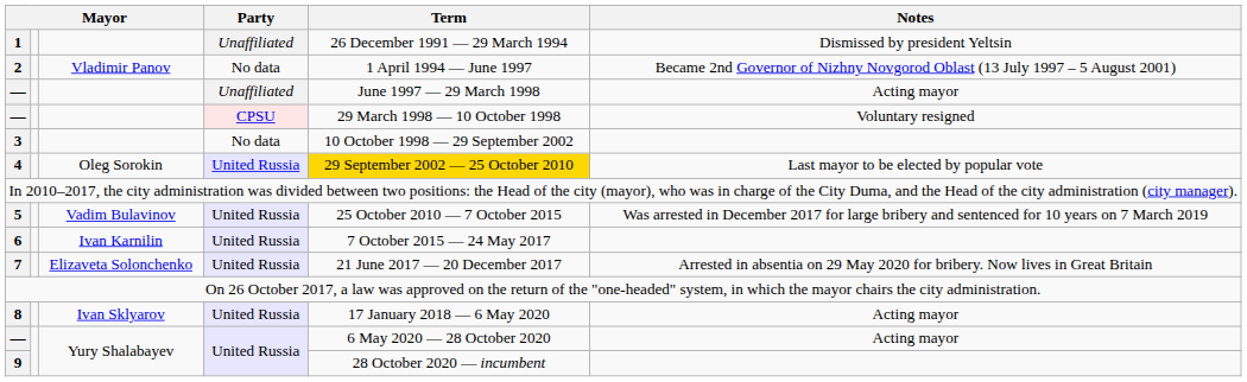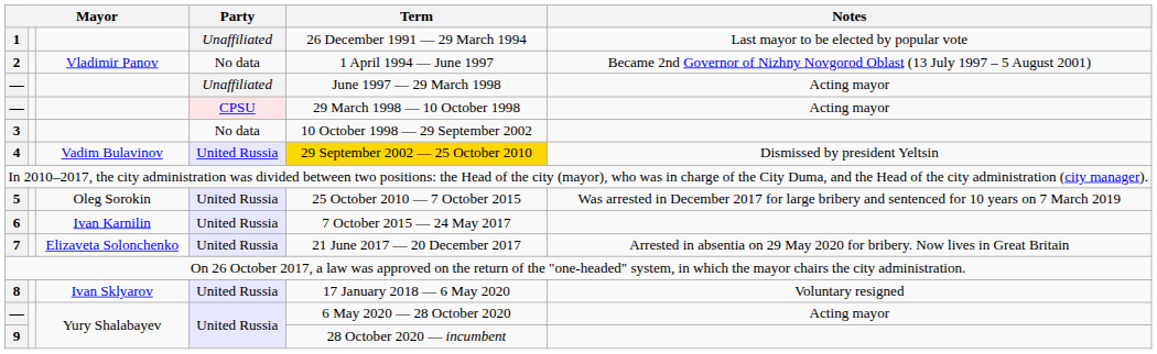 <table class="wikitable" style="text-align: center;">
 <tr>
 <th colspan="3">Mayor</th>
 <th>Party</th>
 <th>Term</th>
 <th>Notes</th>
 </tr>
 <tr>
 <th>1</th>
 <td></td>
 <td></td>
 <td style="background: #F2F2F2"><em>Unaffiliated</em></td>
 <td>26 December 1991 — 29 March 1994</td>
-<td>Dismissed by president Yeltsin</td>
+<td>Last mayor to be elected by popular vote</td>
 </tr>
 <tr>
 <th>2</th>
 <td></td>
 <td><a href='#'>Vladimir Panov</a></td>
 <td style="background: #F9F9F9;">No data</td>
 <td>1 April 1994 — June 1997</td>
 <td>Became 2nd <a href='#'>Governor of Nizhny Novgorod Oblast</a> (13 July 1997 – 5 August 2001)</td>
 </tr>
 <tr>
 <th>—</th>
 <td></td>
 <td></td>
 <td style="background: #F2F2F2;"><em>Unaffiliated</em></td>
 <td>June 1997 — 29 March 1998</td>
 <td>Acting mayor</td>
 </tr>
 <tr>
 <th>—</th>
 <td></td>
 <td></td>
 <td style="background: #FFE6E6;"><a href='#'>CPSU</a></td>
 <td>29 March 1998 — 10 October 1998</td>
-<td>Voluntary resigned</td>
+<td>Acting mayor</td>
 </tr>
 <tr>
 <th>3</th>
 <td></td>
 <td></td>
 <td style="background: #F9F9F9;">No data</td>
 <td>10 October 1998 — 29 September 2002</td>
 <td></td>
 </tr>
 <tr>
 <th>4</th>
 <td></td>
-<td>Oleg Sorokin</td>
+<td><a href='#'>Vadim Bulavinov</a></td>
 <td style="background: #E6E6FF;"><a href='#'>United Russia</a></td>
 <td style="background: gold;">29 September 2002 — 25 October 2010</td>
-<td>Last mayor to be elected by popular vote</td>
+<td>Dismissed by president Yeltsin</td>
 </tr>
 <tr>
 <td colspan = 6>In 2010–2017, the city administration was divided between two positions: the Head of the city (mayor), who was in charge of the City Duma, and the Head of the city administration (<a href='#'>city manager</a>).</td>
 </tr>
 <tr>
 <th>5</th>
 <td></td>
-<td><a href='#'>Vadim Bulavinov</a></td>
+<td>Oleg Sorokin</td>
 <td style="background: #E6E6FF;">United Russia</td>
 <td>25 October 2010 — 7 October 2015</td>
 <td>Was arrested in December 2017 for large bribery and sentenced for 10 years on 7 March 2019</td>
 </tr>
 <tr>
 <th>6</th>
 <td></td>
 <td><a href='#'>Ivan Karnilin</a></td>
 <td style="background: #E6E6FF;">United Russia</td>
 <td>7 October 2015 — 24 May 2017</td>
 <td></td>
 </tr>
 <tr>
 <th>7</th>
 <td></td>
 <td><a href='#'>Elizaveta Solonchenko</a></td>
 <td style="background: #E6E6FF;">United Russia</td>
 <td>21 June 2017 — 20 December 2017</td>
 <td>Arrested in absentia on 29 May 2020 for bribery. Now lives in Great Britain</td>
 </tr>
 <tr>
 <td colspan=6>On 26 October 2017, a law was approved on the return of the "one-headed" system, in which the mayor chairs the city administration.</td>
 </tr>
 <tr>
 <th>8</th>
 <td></td>
 <td><a href='#'>Ivan Sklyarov</a></td>
 <td style="background: #E6E6FF;">United Russia</td>
 <td>17 January 2018 — 6 May 2020</td>
-<td>Acting mayor</td>
+<td>Voluntary resigned</td>
 </tr>
 <tr>
 <th>—</th>
 <td rowspan=2></td>
 <td rowspan=2>Yury Shalabayev</td>
 <td rowspan=2 style="background: #E6E6FF;">United Russia</td>
 <td>6 May 2020 — 28 October 2020</td>
 <td>Acting mayor</td>
 </tr>
 <tr>
 <th>9</th>
 <td>28 October 2020 — <em>incumbent</em></td>
 <td></td>
 </tr>
 </table>
